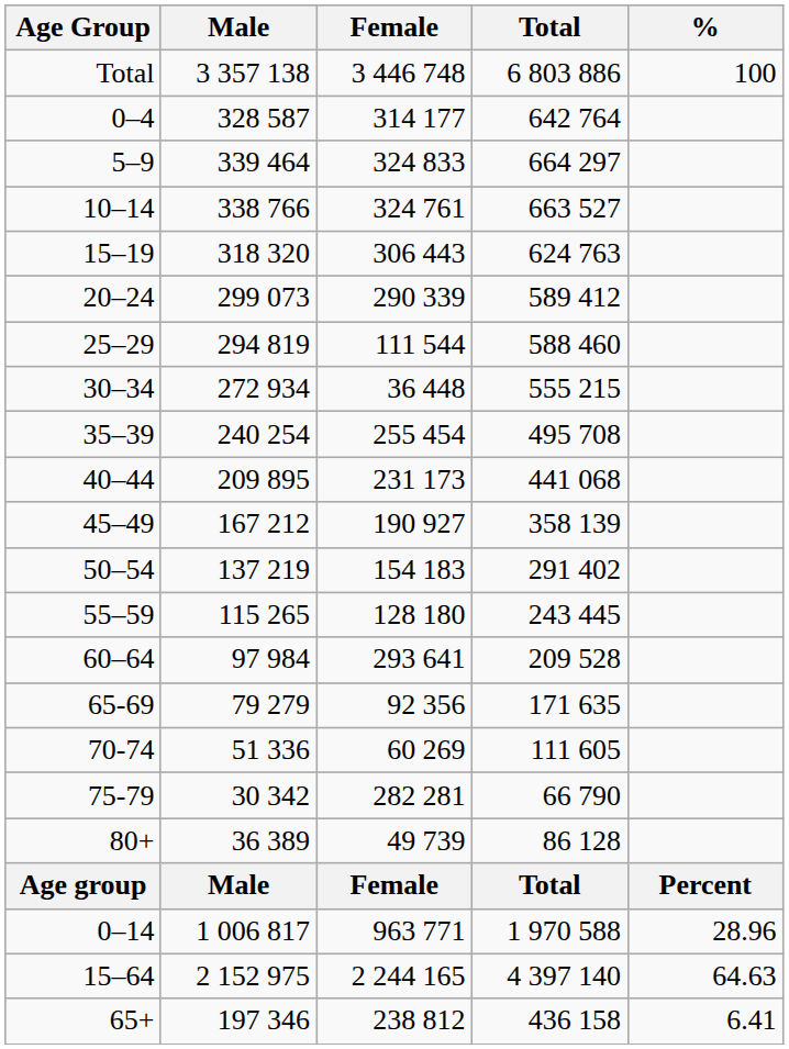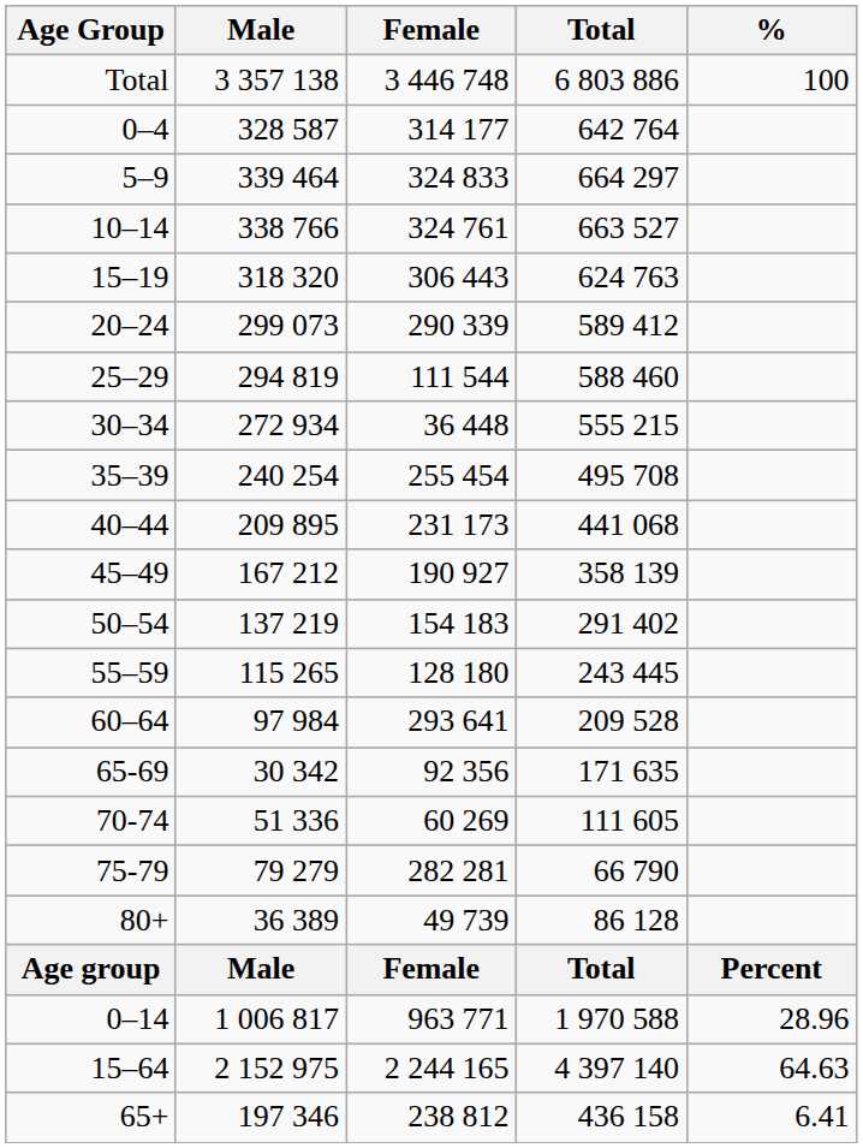 <table class="wikitable">
 <tr>
 <th width="80pt">Age Group</th>
 <th width="80pt">Male</th>
 <th width="80pt">Female</th>
 <th width="80pt">Total</th>
 <th width="80pt">%</th>
 </tr>
 <tr>
 <td align="right">Total</td>
 <td align="right">3 357 138</td>
 <td align="right">3 446 748</td>
 <td align="right">6 803 886</td>
 <td align="right">100</td>
 </tr>
 <tr>
 <td align="right">0–4</td>
 <td align="right">328 587</td>
 <td align="right">314 177</td>
 <td align="right">642 764</td>
 <td align="right"></td>
 </tr>
 <tr>
 <td align="right">5–9</td>
 <td align="right">339 464</td>
 <td align="right">324 833</td>
 <td align="right">664 297</td>
 <td align="right"></td>
 </tr>
 <tr>
 <td align="right">10–14</td>
 <td align="right">338 766</td>
 <td align="right">324 761</td>
 <td align="right">663 527</td>
 <td align="right"></td>
 </tr>
 <tr>
 <td align="right">15–19</td>
 <td align="right">318 320</td>
 <td align="right">306 443</td>
 <td align="right">624 763</td>
 <td align="right"></td>
 </tr>
 <tr>
 <td align="right">20–24</td>
 <td align="right">299 073</td>
 <td align="right">290 339</td>
 <td align="right">589 412</td>
 <td align="right"></td>
 </tr>
 <tr>
 <td align="right">25–29</td>
 <td align="right">294 819</td>
 <td align="right">111 544</td>
 <td align="right">588 460</td>
 <td align="right"></td>
 </tr>
 <tr>
 <td align="right">30–34</td>
 <td align="right">272 934</td>
 <td align="right">36 448</td>
 <td align="right">555 215</td>
 <td align="right"></td>
 </tr>
 <tr>
 <td align="right">35–39</td>
 <td align="right">240 254</td>
 <td align="right">255 454</td>
 <td align="right">495 708</td>
 <td align="right"></td>
 </tr>
 <tr>
 <td align="right">40–44</td>
 <td align="right">209 895</td>
 <td align="right">231 173</td>
 <td align="right">441 068</td>
 <td align="right"></td>
 </tr>
 <tr>
 <td align="right">45–49</td>
 <td align="right">167 212</td>
 <td align="right">190 927</td>
 <td align="right">358 139</td>
 <td align="right"></td>
 </tr>
 <tr>
 <td align="right">50–54</td>
 <td align="right">137 219</td>
 <td align="right">154 183</td>
 <td align="right">291 402</td>
 <td align="right"></td>
 </tr>
 <tr>
 <td align="right">55–59</td>
 <td align="right">115 265</td>
 <td align="right">128 180</td>
 <td align="right">243 445</td>
 <td align="right"></td>
 </tr>
 <tr>
 <td align="right">60–64</td>
 <td align="right">97 984</td>
 <td align="right">293 641</td>
 <td align="right">209 528</td>
 <td align="right"></td>
 </tr>
 <tr>
 <td align="right">65-69</td>
-<td align="right">79 279</td>
+<td align="right">30 342</td>
 <td align="right">92 356</td>
 <td align="right">171 635</td>
 <td align="right"></td>
 </tr>
 <tr>
 <td align="right">70-74</td>
 <td align="right">51 336</td>
 <td align="right">60 269</td>
 <td align="right">111 605</td>
 <td align="right"></td>
 </tr>
 <tr>
 <td align="right">75-79</td>
-<td align="right">30 342</td>
+<td align="right">79 279</td>
 <td align="right">282 281</td>
 <td align="right">66 790</td>
 <td align="right"></td>
 </tr>
 <tr>
 <td align="right">80+</td>
 <td align="right">36 389</td>
 <td align="right">49 739</td>
 <td align="right">86 128</td>
 <td align="right"></td>
 </tr>
 <tr>
 <th width="50">Age group</th>
 <th width="80pt">Male</th>
 <th width="80">Female</th>
 <th width="80">Total</th>
 <th width="50">Percent</th>
 </tr>
 <tr>
 <td align="right">0–14</td>
 <td align="right">1 006 817</td>
 <td align="right">963 771</td>
 <td align="right">1 970 588</td>
 <td align="right">28.96</td>
 </tr>
 <tr>
 <td align="right">15–64</td>
 <td align="right">2 152 975</td>
 <td align="right">2 244 165</td>
 <td align="right">4 397 140</td>
 <td align="right">64.63</td>
 </tr>
 <tr>
 <td align="right">65+</td>
 <td align="right">197 346</td>
 <td align="right">238 812</td>
 <td align="right">436 158</td>
 <td align="right">6.41</td>
 </tr>
 <tr>
 </tr>
 </table>
